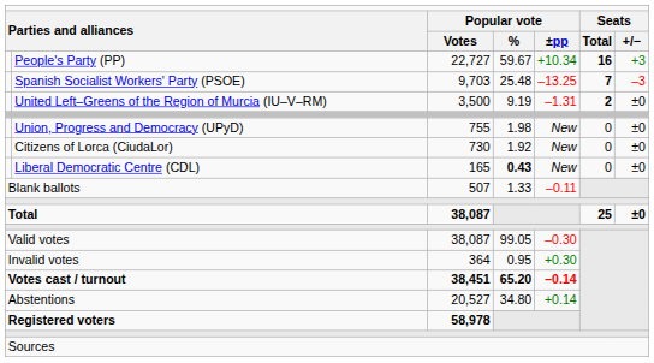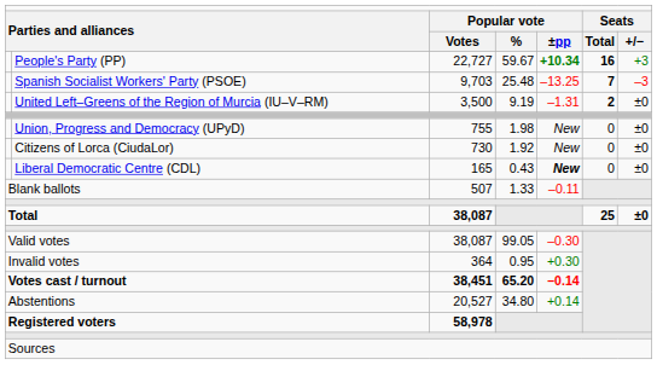 <table class="wikitable" style="text-align:right;">
 <tr>
 <td colspan="7"></td>
 </tr>
 <tr>
 <th style="text-align:left;" rowspan="2" colspan="2" width="525">Parties and alliances</th>
 <th colspan="3">Popular vote</th>
 <th colspan="2">Seats</th>
 </tr>
 <tr>
 <th width="75">Votes</th>
 <th width="45">%</th>
 <th width="45">±<a href='#'>pp</a></th>
 <th width="35">Total</th>
 <th width="35">+/−</th>
 </tr>
 <tr>
 <td width="1" style="color:inherit;background:"></td>
 <td align="left"><a href='#'>People's Party</a> (PP)</td>
 <td>22,727</td>
 <td>59.67</td>
-<td style="color:green;">+10.34</td>
+<td style="color:green;"><strong>+10.34</strong></td>
 <td><strong>16</strong></td>
 <td style="color:green;">+3</td>
 </tr>
 <tr>
 <td style="color:inherit;background:"></td>
 <td align="left"><a href='#'>Spanish Socialist Workers' Party</a> (PSOE)</td>
 <td>9,703</td>
 <td>25.48</td>
 <td style="color:red;">–13.25</td>
 <td><strong>7</strong></td>
 <td style="color:red;">–3</td>
 </tr>
 <tr>
 <td style="color:inherit;background:"></td>
 <td align="left"><a href='#'>United Left–Greens of the Region of Murcia</a> (IU–V–RM)</td>
 <td>3,500</td>
 <td>9.19</td>
 <td style="color:red;">–1.31</td>
 <td><strong>2</strong></td>
 <td>±0</td>
 </tr>
 <tr>
 <td colspan="7" bgcolor="#C0C0C0"></td>
 </tr>
 <tr>
 <td style="color:inherit;background:"></td>
 <td align="left"><a href='#'>Union, Progress and Democracy</a> (UPyD)</td>
 <td>755</td>
 <td>1.98</td>
 <td><em>New</em></td>
 <td>0</td>
 <td>±0</td>
 </tr>
 <tr>
 <td style="color:inherit;background:"></td>
 <td align="left">Citizens of Lorca (CiudaLor)</td>
 <td>730</td>
 <td>1.92</td>
 <td><em>New</em></td>
 <td>0</td>
 <td>±0</td>
 </tr>
 <tr>
 <td style="color:inherit;background:"></td>
 <td align="left"><a href='#'>Liberal Democratic Centre</a> (CDL)</td>
 <td>165</td>
-<td><strong>0.43</strong></td>
-<td><em>New</em></td>
+<td>0.43</td>
+<td><strong><em>New</em></strong></td>
 <td>0</td>
 <td>±0</td>
 </tr>
 <tr>
 <td align="left" colspan="2">Blank ballots</td>
 <td>507</td>
 <td>1.33</td>
 <td style="color:red;">–0.11</td>
 <td bgcolor="#E9E9E9" colspan="2"></td>
 </tr>
 <tr>
 <td colspan="7" bgcolor="#E9E9E9"></td>
 </tr>
 <tr style="font-weight:bold;">
 <td align="left" colspan="2">Total</td>
 <td>38,087</td>
 <td bgcolor="#E9E9E9" colspan="2"></td>
 <td>25</td>
 <td>±0</td>
 </tr>
 <tr>
 <td colspan="7" bgcolor="#E9E9E9"></td>
 </tr>
 <tr>
 <td align="left" colspan="2">Valid votes</td>
 <td>38,087</td>
 <td>99.05</td>
 <td style="color:red;">–0.30</td>
 <td bgcolor="#E9E9E9" colspan="2" rowspan="5"></td>
 </tr>
 <tr>
 <td align="left" colspan="2">Invalid votes</td>
 <td>364</td>
 <td>0.95</td>
 <td style="color:green;">+0.30</td>
 </tr>
 <tr style="font-weight:bold;">
 <td align="left" colspan="2">Votes cast / turnout</td>
 <td>38,451</td>
 <td>65.20</td>
 <td style="color:red;">–0.14</td>
 </tr>
 <tr>
 <td align="left" colspan="2">Abstentions</td>
 <td>20,527</td>
 <td>34.80</td>
 <td style="color:green;">+0.14</td>
 </tr>
 <tr style="font-weight:bold;">
 <td align="left" colspan="2">Registered voters</td>
 <td>58,978</td>
 <td bgcolor="#E9E9E9" colspan="2"></td>
 </tr>
 <tr>
 <td colspan="7" bgcolor="#E9E9E9"></td>
 </tr>
 <tr>
 <td align="left" colspan="7">Sources</td>
 </tr>
 </table>
